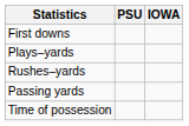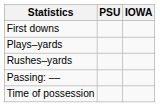 <table class="wikitable" style="float:left">
 <tr>
 <th>Statistics</th>
 <th>PSU</th>
 <th>IOWA</th>
 </tr>
 <tr>
 <td>First downs</td>
 <td></td>
 <td></td>
 </tr>
 <tr>
 <td>Plays–yards</td>
 <td></td>
 <td></td>
 </tr>
 <tr>
 <td>Rushes–yards</td>
 <td></td>
 <td></td>
 </tr>
 <tr>
-<td>Passing yards</td>
+<td>Passing: ––</td>
 <td></td>
 <td></td>
 </tr>
 <tr>
 <td>Time of possession</td>
 <td></td>
 <td></td>
 </tr>
 </table>
